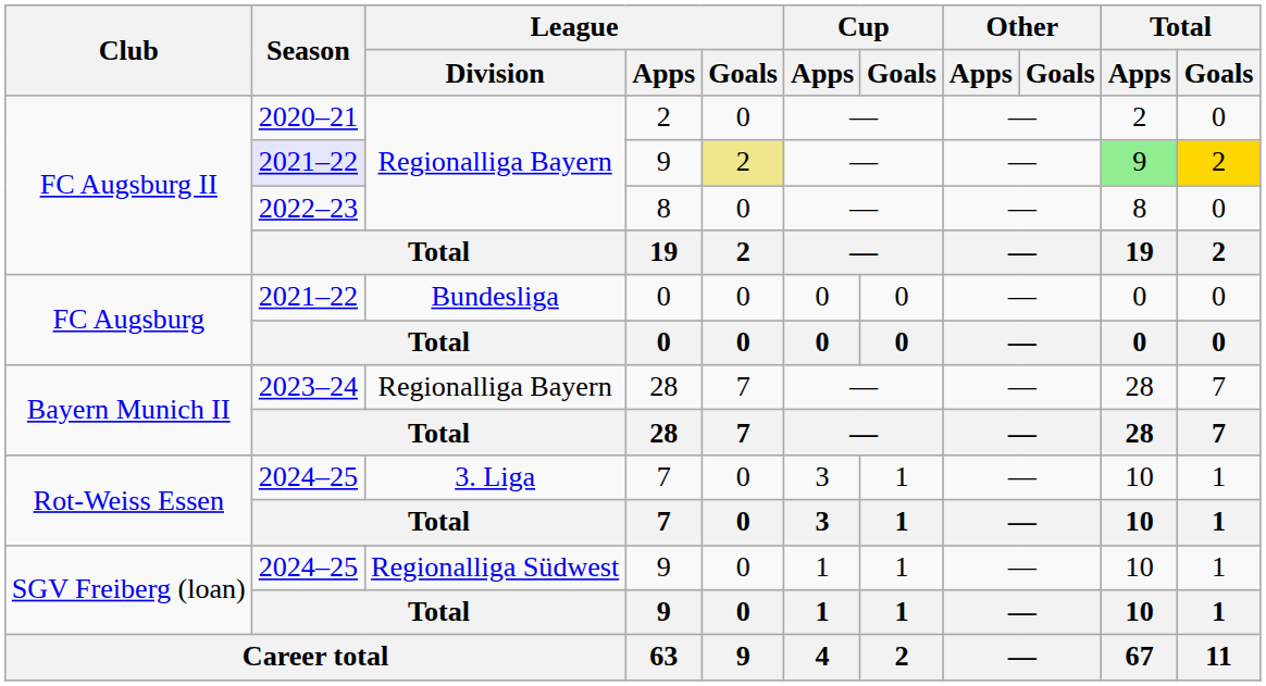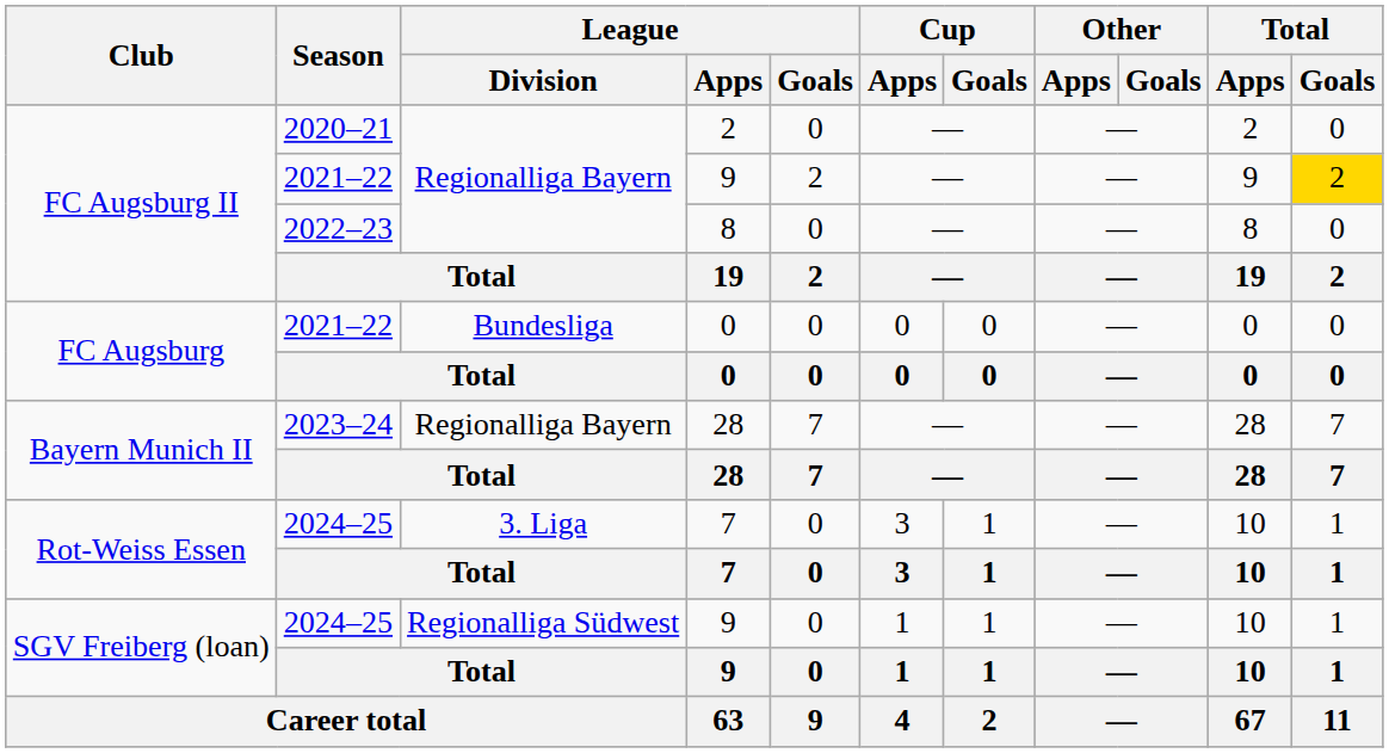 <table class="wikitable" style="text-align: center">
 <tr>
 <th rowspan="2">Club</th>
 <th rowspan="2">Season</th>
 <th colspan="3">League</th>
 <th colspan="2">Cup</th>
 <th colspan="2">Other</th>
 <th colspan="2">Total</th>
 </tr>
 <tr>
 <th>Division</th>
 <th>Apps</th>
 <th>Goals</th>
 <th>Apps</th>
 <th>Goals</th>
 <th>Apps</th>
 <th>Goals</th>
 <th>Apps</th>
 <th>Goals</th>
 </tr>
 <tr>
 <td rowspan="4"><a href='#'>FC Augsburg II</a></td>
 <td><a href='#'>2020–21</a></td>
 <td rowspan="3"><a href='#'>Regionalliga Bayern</a></td>
 <td>2</td>
 <td>0</td>
 <td colspan="2">—</td>
 <td colspan="2">—</td>
 <td>2</td>
 <td>0</td>
 </tr>
 <tr>
-<td style="background: lavender;"><a href='#'>2021–22</a></td>
+<td><a href='#'>2021–22</a></td>
 <td>9</td>
-<td style="background: khaki;">2</td>
+<td>2</td>
 <td colspan="2">—</td>
 <td colspan="2">—</td>
-<td style="background: lightgreen;">9</td>
+<td>9</td>
 <td style="background: gold;">2</td>
 </tr>
 <tr>
 <td><a href='#'>2022–23</a></td>
 <td>8</td>
 <td>0</td>
 <td colspan="2">—</td>
 <td colspan="2">—</td>
 <td>8</td>
 <td>0</td>
 </tr>
 <tr>
 <th colspan="2">Total</th>
 <th>19</th>
 <th>2</th>
 <th colspan="2">—</th>
 <th colspan="2">—</th>
 <th>19</th>
 <th>2</th>
 </tr>
 <tr>
 <td rowspan="2"><a href='#'>FC Augsburg</a></td>
 <td><a href='#'>2021–22</a></td>
 <td><a href='#'>Bundesliga</a></td>
 <td>0</td>
 <td>0</td>
 <td>0</td>
 <td>0</td>
 <td colspan="2">—</td>
 <td>0</td>
 <td>0</td>
 </tr>
 <tr>
 <th colspan="2">Total</th>
 <th>0</th>
 <th>0</th>
 <th>0</th>
 <th>0</th>
 <th colspan="2">—</th>
 <th>0</th>
 <th>0</th>
 </tr>
 <tr>
 <td rowspan="2"><a href='#'>Bayern Munich II</a></td>
 <td><a href='#'>2023–24</a></td>
 <td>Regionalliga Bayern</td>
 <td>28</td>
 <td>7</td>
 <td colspan="2">—</td>
 <td colspan="2">—</td>
 <td>28</td>
 <td>7</td>
 </tr>
 <tr>
 <th colspan="2">Total</th>
 <th>28</th>
 <th>7</th>
 <th colspan="2">—</th>
 <th colspan="2">—</th>
 <th>28</th>
 <th>7</th>
 </tr>
 <tr>
 <td rowspan="2"><a href='#'>Rot-Weiss Essen</a></td>
 <td><a href='#'>2024–25</a></td>
 <td><a href='#'>3. Liga</a></td>
 <td>7</td>
 <td>0</td>
 <td>3</td>
 <td>1</td>
 <td colspan="2">—</td>
 <td>10</td>
 <td>1</td>
 </tr>
 <tr>
 <th colspan="2">Total</th>
 <th>7</th>
 <th>0</th>
 <th>3</th>
 <th>1</th>
 <th colspan="2">—</th>
 <th>10</th>
 <th>1</th>
 </tr>
 <tr>
 <td rowspan="2"><a href='#'>SGV Freiberg</a> (loan)</td>
 <td><a href='#'>2024–25</a></td>
 <td><a href='#'>Regionalliga Südwest</a></td>
 <td>9</td>
 <td>0</td>
 <td>1</td>
 <td>1</td>
 <td colspan="2">—</td>
 <td>10</td>
 <td>1</td>
 </tr>
 <tr>
 <th colspan="2">Total</th>
 <th>9</th>
 <th>0</th>
 <th>1</th>
 <th>1</th>
 <th colspan="2">—</th>
 <th>10</th>
 <th>1</th>
 </tr>
 <tr>
 <th colspan="3">Career total</th>
 <th>63</th>
 <th>9</th>
 <th>4</th>
 <th>2</th>
 <th colspan="2">—</th>
 <th>67</th>
 <th>11</th>
 </tr>
 </table>
